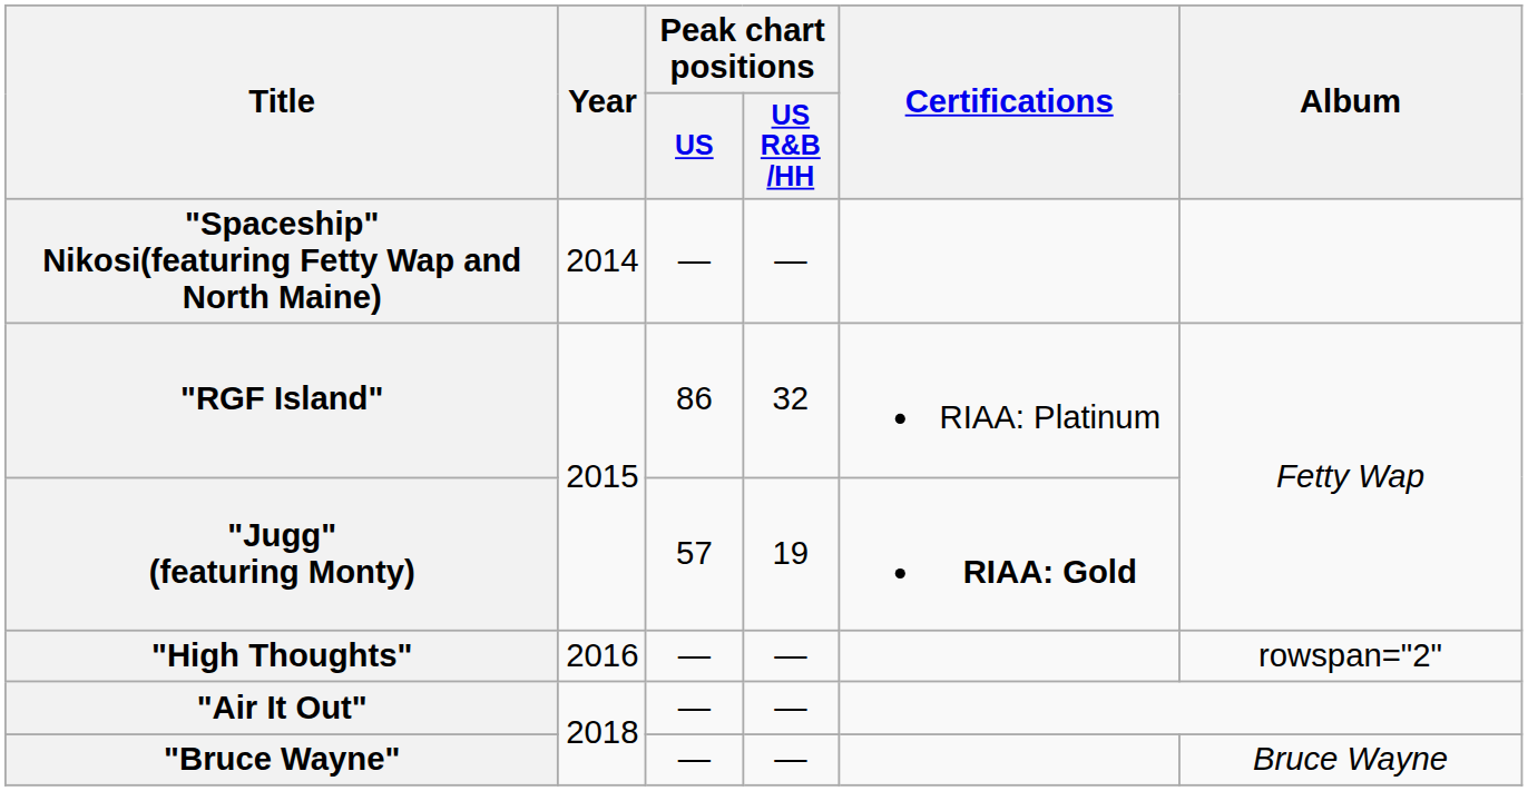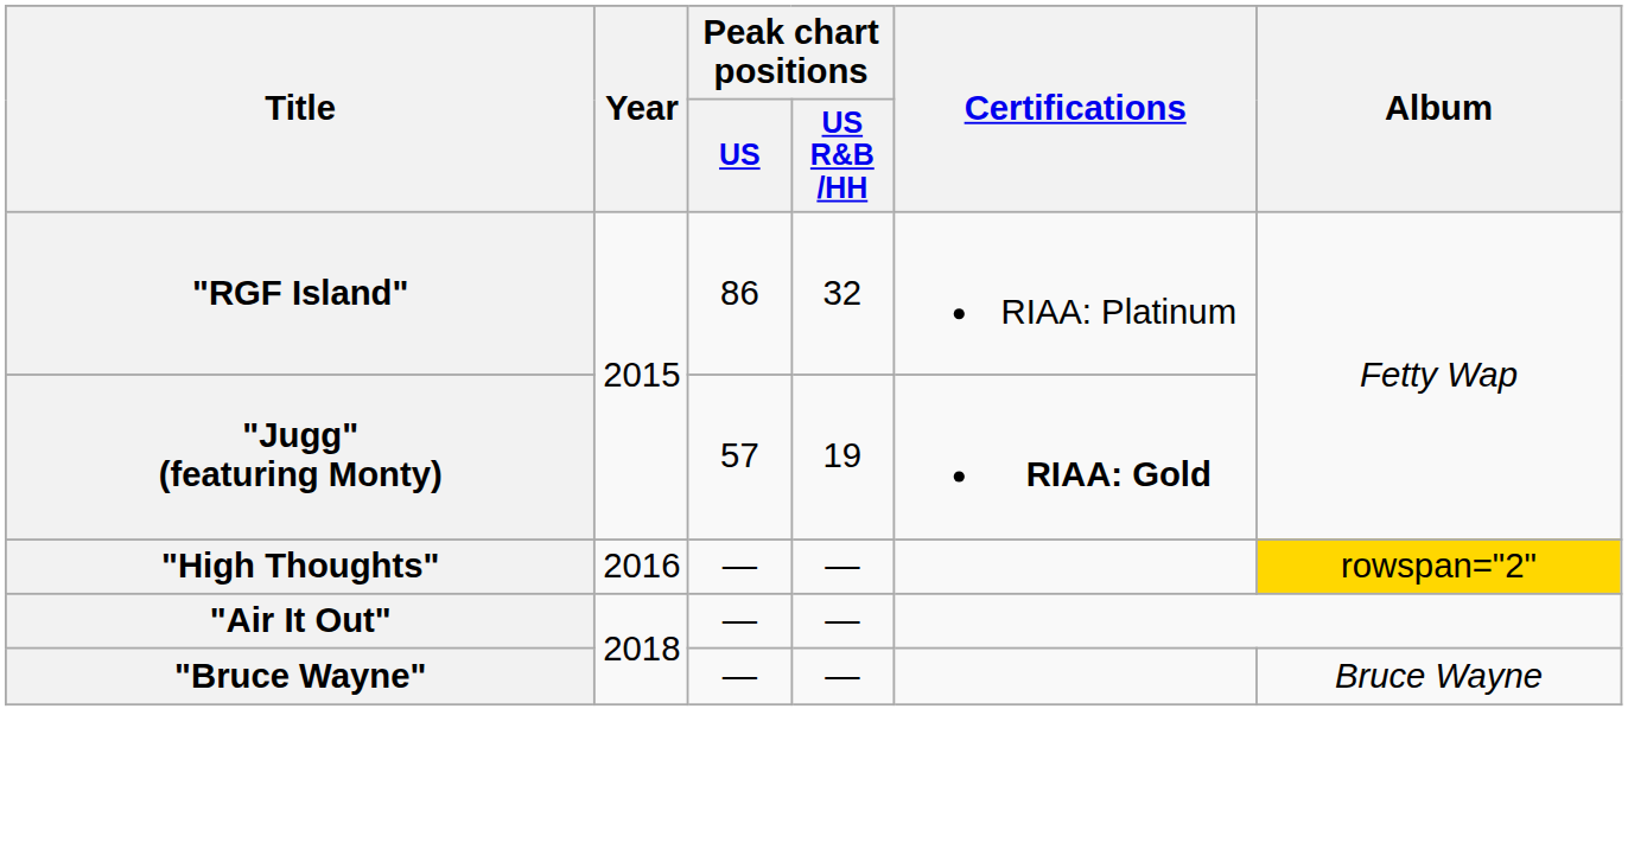 <table class="wikitable plainrowheaders" style="text-align:center;">
 <tr>
 <th scope="col" style="width:16.5em" rowspan="2">Title</th>
 <th scope="col" rowspan="2">Year</th>
 <th scope="col" colspan="2">Peak chart<br>positions</th>
 <th scope="col" rowspan="2" style="width:10em;"><a href='#'>Certifications</a></th>
 <th scope="col" rowspan="2" style="width:10em">Album</th>
 </tr>
 <tr>
 <th scope="col" style="width:3em;font-size:85%;"><a href='#'>US</a><br></th>
 <th scope="col" style="width:3em;font-size:85%;"><a href='#'>US<br>R&B<br>/HH</a><br></th>
-</tr>
-<tr>
-<th scope="row">"Spaceship"<br><span>Nikosi(featuring Fetty Wap and North Maine)</span></th>
-<td>2014</td>
-<td>—</td>
-<td>—</td>
-<td></td>
-<td></td>
 </tr>
 <tr>
 <th scope="row">"RGF Island"</th>
 <td rowspan="2">2015</td>
 <td>86</td>
 <td>32</td>
 <td><br><ul><li>RIAA: Platinum</li></ul></td>
 <td rowspan="2"><em>Fetty Wap</em></td>
 </tr>
 <tr>
 <th scope="row">"Jugg"<br><span>(featuring Monty)</span></th>
 <td>57</td>
 <td>19</td>
 <td><strong><br><ul><li>RIAA: Gold</li></ul></strong></td>
 </tr>
 <tr>
 <th scope="row">"High Thoughts"</th>
 <td>2016</td>
 <td>—</td>
 <td>—</td>
 <td></td>
-<td>rowspan="2" </td>
+<td style="background: gold;">rowspan="2" </td>
 </tr>
 <tr>
 <th scope="row">"Air It Out"</th>
 <td rowspan="2">2018</td>
 <td>—</td>
 <td>—</td>
 </tr>
 <tr>
 <th scope="row">"Bruce Wayne"</th>
 <td>—</td>
 <td>—</td>
 <td></td>
 <td><em>Bruce Wayne</em></td>
 </tr>
 </table>
